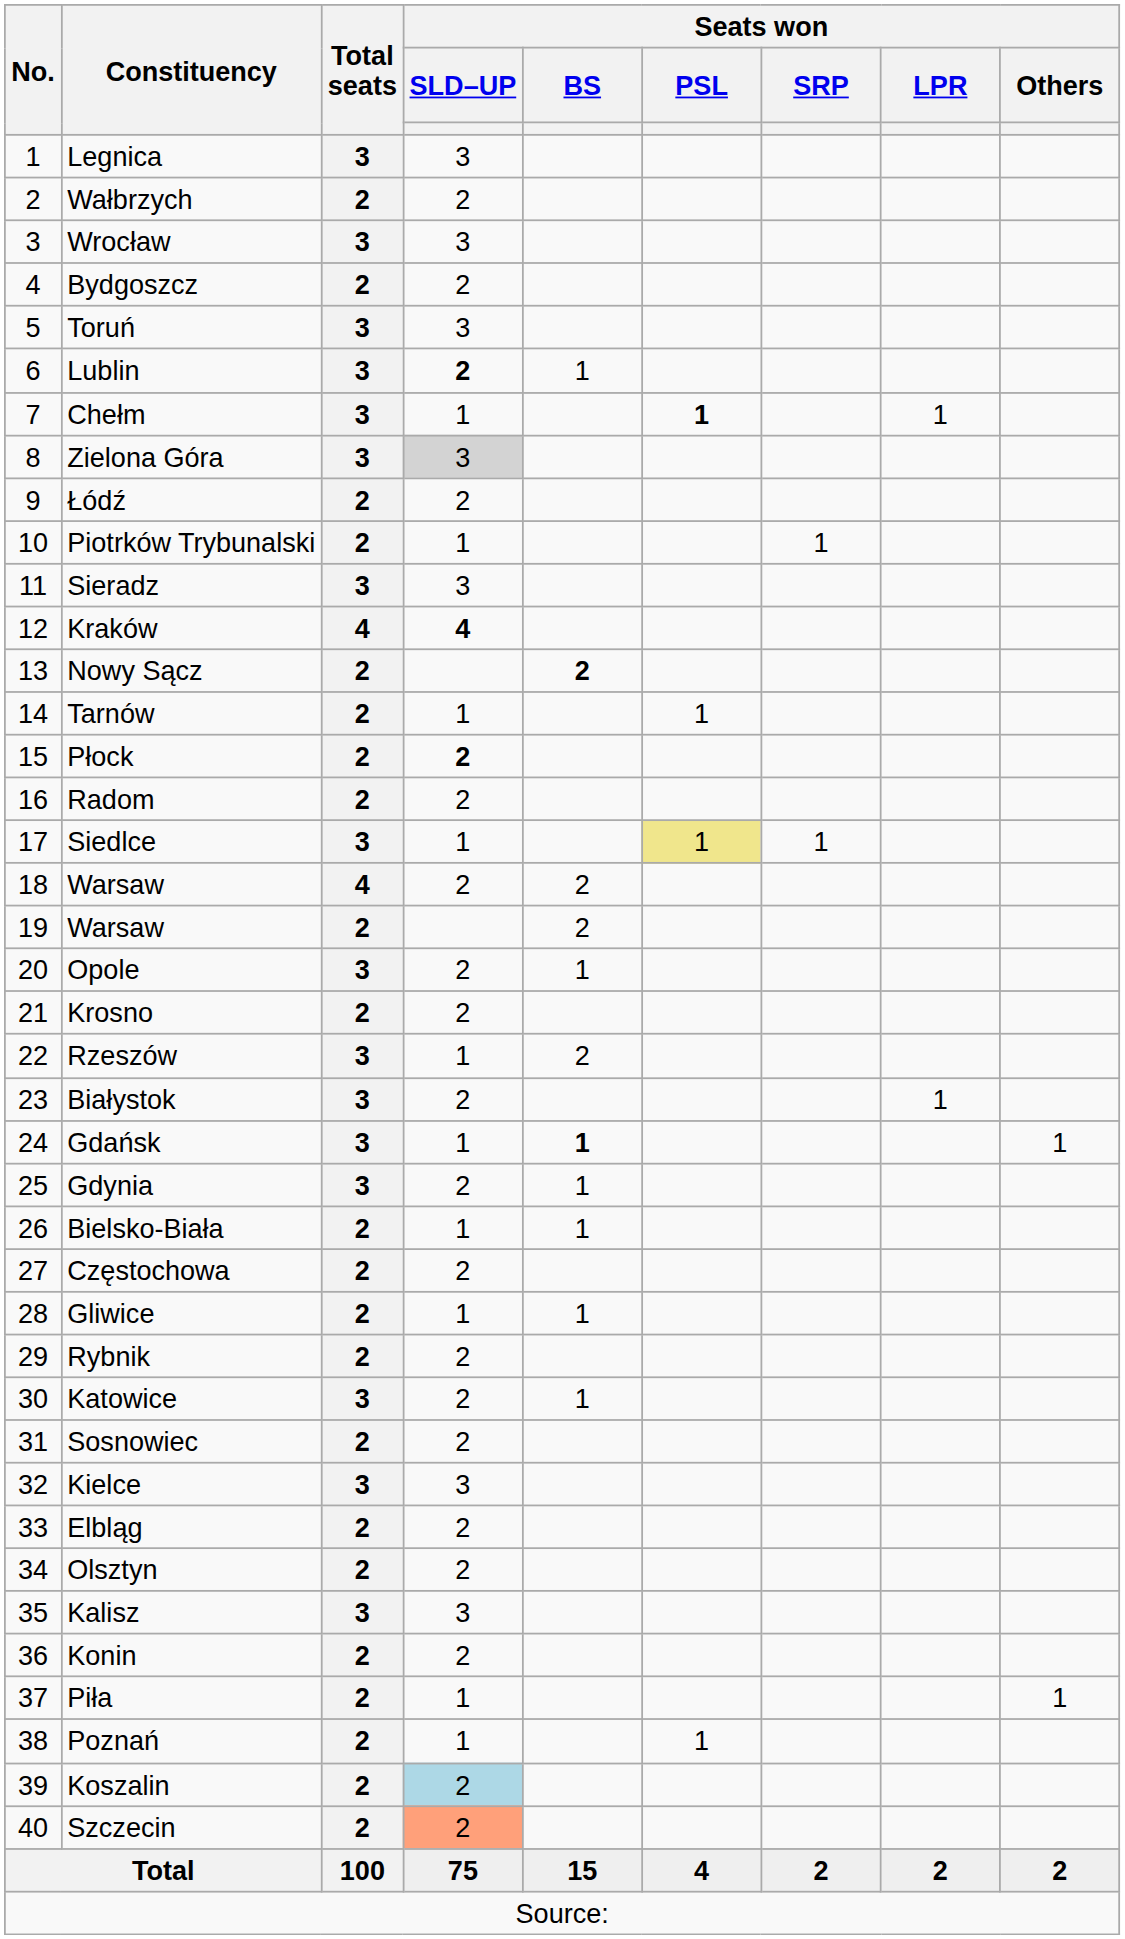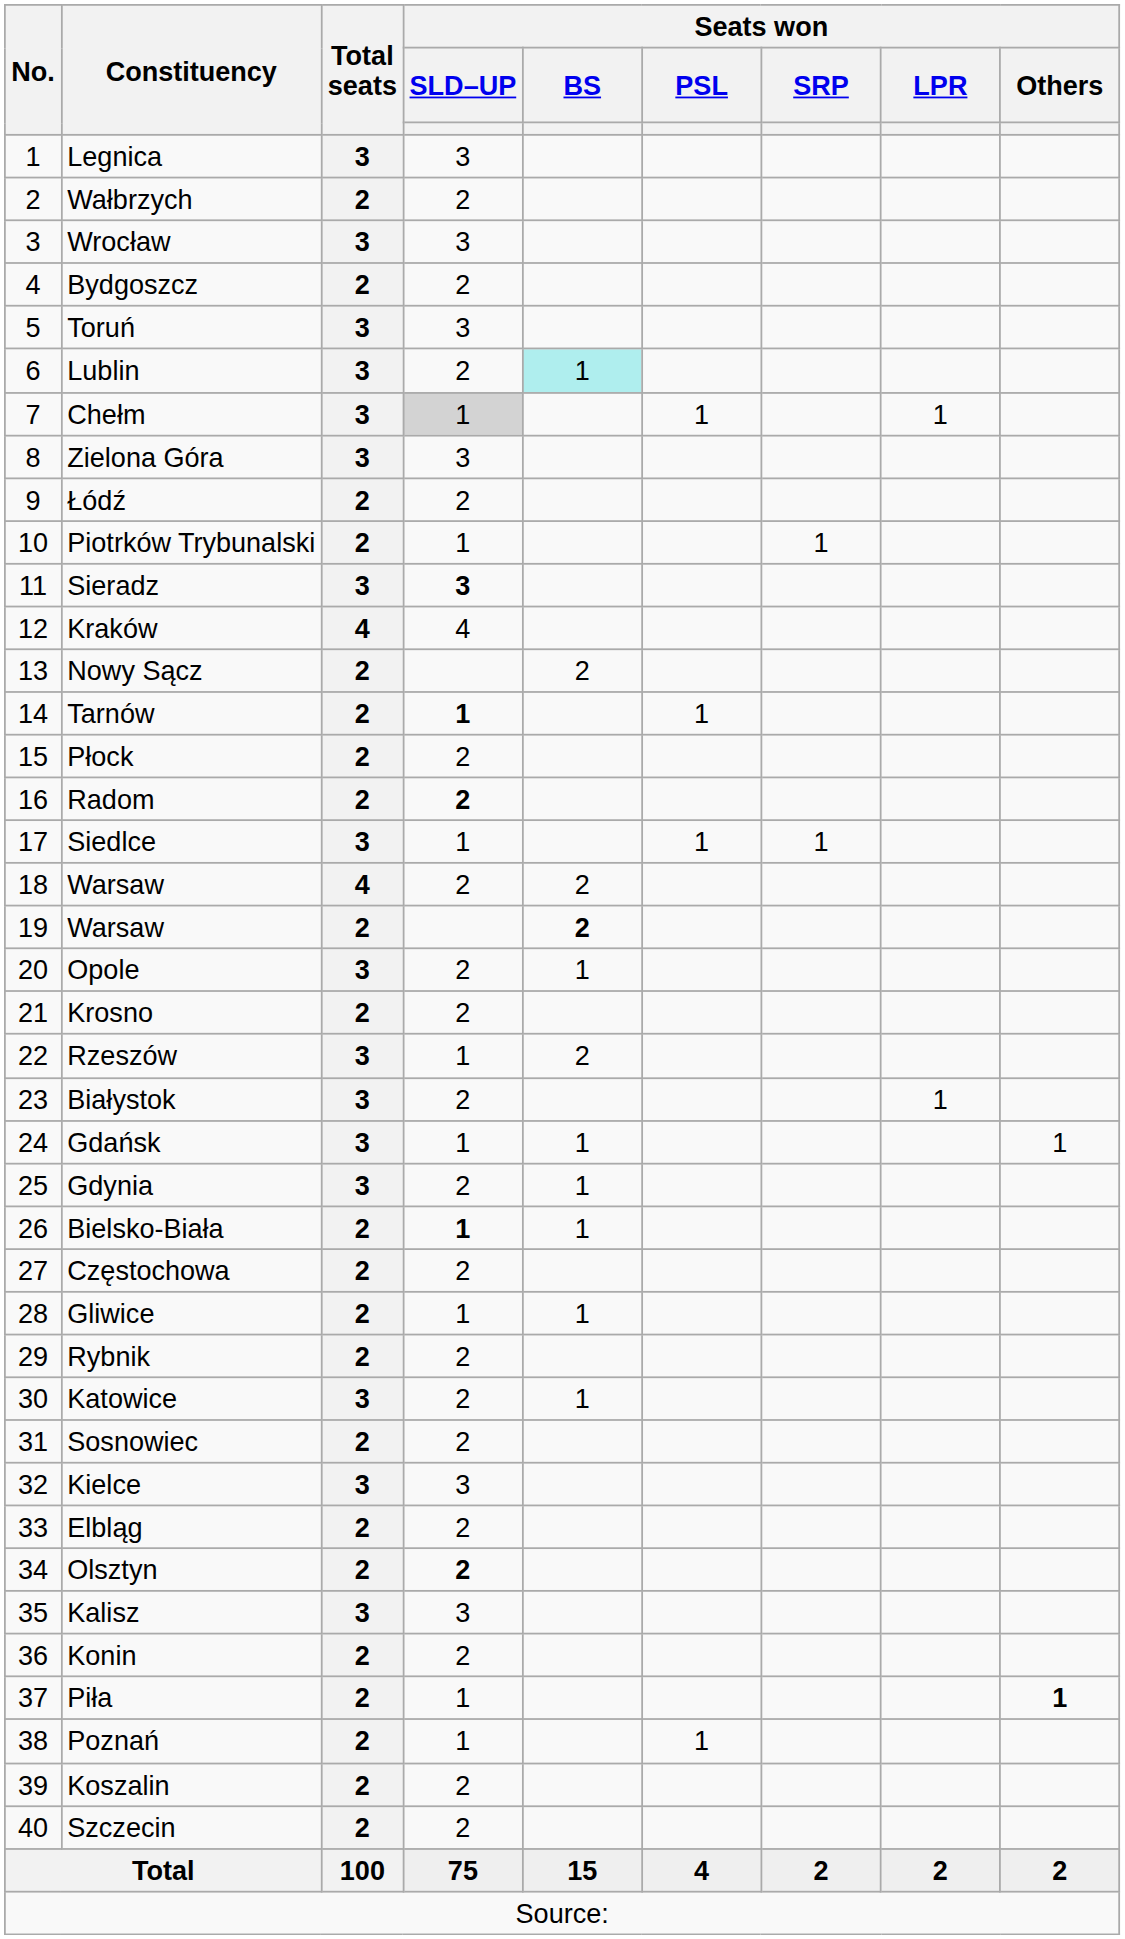 <table class="wikitable" style="text-align:center; font-size:95%">
 <tr>
 <th rowspan="3">No.</th>
 <th rowspan="3">Constituency</th>
 <th rowspan="3" style="width:25px;">Total seats</th>
 <th colspan="6">Seats won</th>
 </tr>
 <tr style="height:42px; text-align:center; background-color:#E9E9E9;">
 <th style="width:60px;"><a href='#'>SLD–UP</a></th>
 <th style="width:60px;"><a href='#'>BS</a></th>
 <th style="width:60px;"><a href='#'>PSL</a></th>
 <th style="width:60px;"><a href='#'>SRP</a></th>
 <th style="width:60px;"><a href='#'>LPR</a></th>
 <th style="width:60px;">Others</th>
 </tr>
 <tr>
 <th style="background:"></th>
 <th style="background:"></th>
 <th style="background:"></th>
 <th style="background:"></th>
 <th style="background:"></th>
 <th style="background:"></th>
 </tr>
 <tr>
 <td>1</td>
 <td align="left">Legnica</td>
 <th>3</th>
 <td>3</td>
 <td></td>
 <td></td>
 <td></td>
 <td></td>
 <td></td>
 </tr>
 <tr>
 <td>2</td>
 <td align="left">Wałbrzych</td>
 <th>2</th>
 <td>2</td>
 <td></td>
 <td></td>
 <td></td>
 <td></td>
 <td></td>
 </tr>
 <tr>
 <td>3</td>
 <td align="left">Wrocław</td>
 <th>3</th>
 <td>3</td>
 <td></td>
 <td></td>
 <td></td>
 <td></td>
 <td></td>
 </tr>
 <tr>
 <td>4</td>
 <td align="left">Bydgoszcz</td>
 <th>2</th>
 <td>2</td>
 <td></td>
 <td></td>
 <td></td>
 <td></td>
 <td></td>
 </tr>
 <tr>
 <td>5</td>
 <td align="left">Toruń</td>
 <th>3</th>
 <td>3</td>
 <td></td>
 <td></td>
 <td></td>
 <td></td>
 <td></td>
 </tr>
 <tr>
 <td>6</td>
 <td align="left">Lublin</td>
 <th>3</th>
-<td><strong>2</strong></td>
-<td>1</td>
+<td>2</td>
+<td style="background: paleturquoise;">1</td>
 <td></td>
 <td></td>
 <td></td>
 <td></td>
 </tr>
 <tr>
 <td>7</td>
 <td align="left">Chełm</td>
 <th>3</th>
+<td style="background: lightgrey;">1</td>
+<td></td>
 <td>1</td>
-<td></td>
-<td><strong>1</strong></td>
 <td></td>
 <td>1</td>
 <td></td>
 </tr>
 <tr>
 <td>8</td>
 <td align="left">Zielona Góra</td>
 <th>3</th>
-<td style="background: lightgrey;">3</td>
+<td>3</td>
 <td></td>
 <td></td>
 <td></td>
 <td></td>
 <td></td>
 </tr>
 <tr>
 <td>9</td>
 <td align="left">Łódź</td>
 <th>2</th>
 <td>2</td>
 <td></td>
 <td></td>
 <td></td>
 <td></td>
 <td></td>
 </tr>
 <tr>
 <td>10</td>
 <td align="left">Piotrków Trybunalski</td>
 <th>2</th>
 <td>1</td>
 <td></td>
 <td></td>
 <td>1</td>
 <td></td>
 <td></td>
 </tr>
 <tr>
 <td>11</td>
 <td align="left">Sieradz</td>
 <th>3</th>
-<td>3</td>
+<td><strong>3</strong></td>
 <td></td>
 <td></td>
 <td></td>
 <td></td>
 <td></td>
 </tr>
 <tr>
 <td>12</td>
 <td align="left">Kraków</td>
 <th>4</th>
-<td><strong>4</strong></td>
+<td>4</td>
 <td></td>
 <td></td>
 <td></td>
 <td></td>
 <td></td>
 </tr>
 <tr>
 <td>13</td>
 <td align="left">Nowy Sącz</td>
 <th>2</th>
 <td></td>
-<td><strong>2</strong></td>
+<td>2</td>
 <td></td>
 <td></td>
 <td></td>
 <td></td>
 </tr>
 <tr>
 <td>14</td>
 <td align="left">Tarnów</td>
 <th>2</th>
-<td>1</td>
+<td><strong>1</strong></td>
 <td></td>
 <td>1</td>
 <td></td>
 <td></td>
 <td></td>
 </tr>
 <tr>
 <td>15</td>
 <td align="left">Płock</td>
 <th>2</th>
-<td><strong>2</strong></td>
+<td>2</td>
 <td></td>
 <td></td>
 <td></td>
 <td></td>
 <td></td>
 </tr>
 <tr>
 <td>16</td>
 <td align="left">Radom</td>
 <th>2</th>
-<td>2</td>
+<td><strong>2</strong></td>
 <td></td>
 <td></td>
 <td></td>
 <td></td>
 <td></td>
 </tr>
 <tr>
 <td>17</td>
 <td align="left">Siedlce</td>
 <th>3</th>
 <td>1</td>
 <td></td>
-<td style="background: khaki;">1</td>
+<td>1</td>
 <td>1</td>
 <td></td>
 <td></td>
 </tr>
 <tr>
 <td>18</td>
 <td align="left">Warsaw</td>
 <th>4</th>
 <td>2</td>
 <td>2</td>
 <td></td>
 <td></td>
 <td></td>
 <td></td>
 </tr>
 <tr>
 <td>19</td>
 <td align="left">Warsaw</td>
 <th>2</th>
 <td></td>
-<td>2</td>
+<td><strong>2</strong></td>
 <td></td>
 <td></td>
 <td></td>
 <td></td>
 </tr>
 <tr>
 <td>20</td>
 <td align="left">Opole</td>
 <th>3</th>
 <td>2</td>
 <td>1</td>
 <td></td>
 <td></td>
 <td></td>
 <td></td>
 </tr>
 <tr>
 <td>21</td>
 <td align="left">Krosno</td>
 <th>2</th>
 <td>2</td>
 <td></td>
 <td></td>
 <td></td>
 <td></td>
 <td></td>
 </tr>
 <tr>
 <td>22</td>
 <td align="left">Rzeszów</td>
 <th>3</th>
 <td>1</td>
 <td>2</td>
 <td></td>
 <td></td>
 <td></td>
 <td></td>
 </tr>
 <tr>
 <td>23</td>
 <td align="left">Białystok</td>
 <th>3</th>
 <td>2</td>
 <td></td>
 <td></td>
 <td></td>
 <td>1</td>
 <td></td>
 </tr>
 <tr>
 <td>24</td>
 <td align="left">Gdańsk</td>
 <th>3</th>
 <td>1</td>
-<td><strong>1</strong></td>
+<td>1</td>
 <td></td>
 <td></td>
 <td></td>
 <td>1</td>
 </tr>
 <tr>
 <td>25</td>
 <td align="left">Gdynia</td>
 <th>3</th>
 <td>2</td>
 <td>1</td>
 <td></td>
 <td></td>
 <td></td>
 <td></td>
 </tr>
 <tr>
 <td>26</td>
 <td align="left">Bielsko-Biała</td>
 <th>2</th>
-<td>1</td>
+<td><strong>1</strong></td>
 <td>1</td>
 <td></td>
 <td></td>
 <td></td>
 <td></td>
 </tr>
 <tr>
 <td>27</td>
 <td align="left">Częstochowa</td>
 <th>2</th>
 <td>2</td>
 <td></td>
 <td></td>
 <td></td>
 <td></td>
 <td></td>
 </tr>
 <tr>
 <td>28</td>
 <td align="left">Gliwice</td>
 <th>2</th>
 <td>1</td>
 <td>1</td>
 <td></td>
 <td></td>
 <td></td>
 <td></td>
 </tr>
 <tr>
 <td>29</td>
 <td align="left">Rybnik</td>
 <th>2</th>
 <td>2</td>
 <td></td>
 <td></td>
 <td></td>
 <td></td>
 <td></td>
 </tr>
 <tr>
 <td>30</td>
 <td align="left">Katowice</td>
 <th>3</th>
 <td>2</td>
 <td>1</td>
 <td></td>
 <td></td>
 <td></td>
 <td></td>
 </tr>
 <tr>
 <td>31</td>
 <td align="left">Sosnowiec</td>
 <th>2</th>
 <td>2</td>
 <td></td>
 <td></td>
 <td></td>
 <td></td>
 <td></td>
 </tr>
 <tr>
 <td>32</td>
 <td align="left">Kielce</td>
 <th>3</th>
 <td>3</td>
 <td></td>
 <td></td>
 <td></td>
 <td></td>
 <td></td>
 </tr>
 <tr>
 <td>33</td>
 <td align="left">Elbląg</td>
 <th>2</th>
 <td>2</td>
 <td></td>
 <td></td>
 <td></td>
 <td></td>
 <td></td>
 </tr>
 <tr>
 <td>34</td>
 <td align="left">Olsztyn</td>
 <th>2</th>
-<td>2</td>
+<td><strong>2</strong></td>
 <td></td>
 <td></td>
 <td></td>
 <td></td>
 <td></td>
 </tr>
 <tr>
 <td>35</td>
 <td align="left">Kalisz</td>
 <th>3</th>
 <td>3</td>
 <td></td>
 <td></td>
 <td></td>
 <td></td>
 <td></td>
 </tr>
 <tr>
 <td>36</td>
 <td align="left">Konin</td>
 <th>2</th>
 <td>2</td>
 <td></td>
 <td></td>
 <td></td>
 <td></td>
 <td></td>
 </tr>
 <tr>
 <td>37</td>
 <td align="left">Piła</td>
 <th>2</th>
 <td>1</td>
 <td></td>
 <td></td>
 <td></td>
 <td></td>
-<td>1</td>
+<td><strong>1</strong></td>
 </tr>
 <tr>
 <td>38</td>
 <td align="left">Poznań</td>
 <th>2</th>
 <td>1</td>
 <td></td>
 <td>1</td>
 <td></td>
 <td></td>
 <td></td>
 </tr>
 <tr>
 <td>39</td>
 <td align="left">Koszalin</td>
 <th>2</th>
-<td style="background: lightblue;">2</td>
+<td>2</td>
 <td></td>
 <td></td>
 <td></td>
 <td></td>
 <td></td>
 </tr>
 <tr>
 <td>40</td>
 <td align="left">Szczecin</td>
 <th>2</th>
-<td style="background: lightsalmon;">2</td>
+<td>2</td>
 <td></td>
 <td></td>
 <td></td>
 <td></td>
 <td></td>
 </tr>
 <tr style="background:#EFEFEF; font-weight:bold;">
 <th colspan="2">Total</th>
 <th>100</th>
 <td>75</td>
 <td>15</td>
 <td>4</td>
 <td>2</td>
 <td>2</td>
 <td>2</td>
 </tr>
 <tr>
 <td colspan="9">Source: </td>
 </tr>
 </table>
